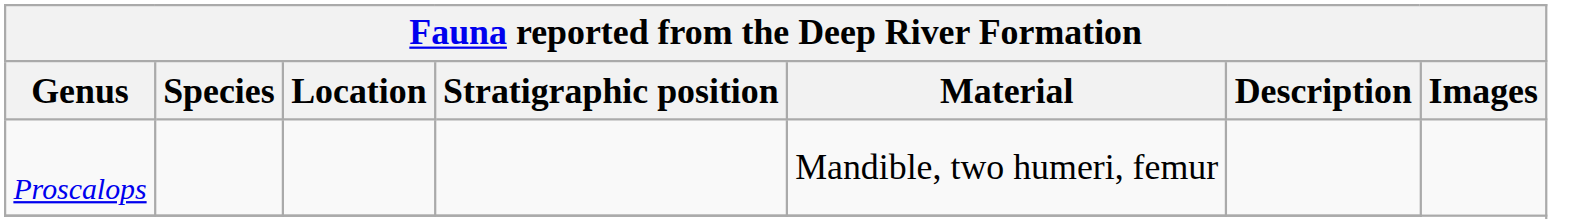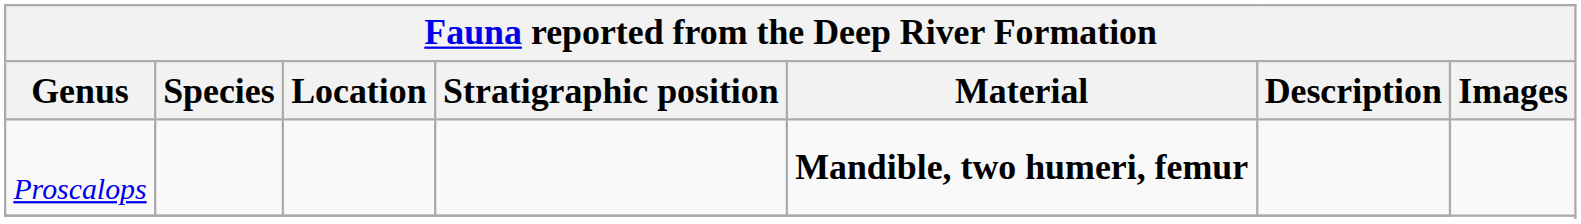 <table class="wikitable" align="center" >
 <tr>
 <th colspan="7" align="center"><strong><a href='#'>Fauna</a> reported from the Deep River Formation</strong></th>
 </tr>
 <tr>
 <th>Genus</th>
 <th>Species</th>
 <th>Location</th>
 <th>Stratigraphic position</th>
 <th>Material</th>
 <th>Description</th>
 <th>Images</th>
 </tr>
 <tr>
 <td><br><small><em><a href='#'>Proscalops</a></em></small></td>
 <td></td>
 <td></td>
 <td></td>
-<td>Mandible, two humeri, femur</td>
+<td><strong>Mandible, two humeri, femur</strong></td>
 <td></td>
 <td rowspan="99"></td>
 </tr>
 <tr>
 </tr>
 </table>
